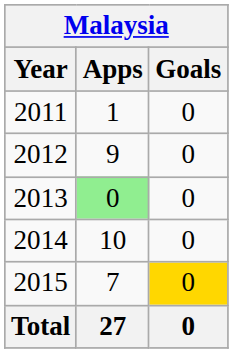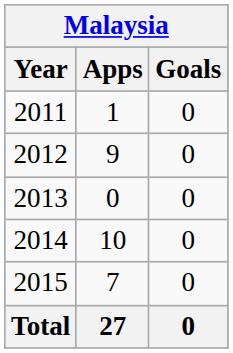 <table class="wikitable" style="text-align:center">
 <tr>
 <th colspan=3><a href='#'>Malaysia</a></th>
 </tr>
 <tr>
 <th>Year</th>
 <th>Apps</th>
 <th>Goals</th>
 </tr>
 <tr>
 <td>2011</td>
 <td>1</td>
 <td>0</td>
 </tr>
 <tr>
 <td>2012</td>
 <td>9</td>
 <td>0</td>
 </tr>
 <tr>
 <td>2013</td>
-<td style="background: lightgreen;">0</td>
+<td>0</td>
 <td>0</td>
 </tr>
 <tr>
 <td>2014</td>
 <td>10</td>
 <td>0</td>
 </tr>
 <tr>
 <td>2015</td>
 <td>7</td>
-<td style="background: gold;">0</td>
+<td>0</td>
 </tr>
 <tr>
 <th>Total</th>
 <th>27</th>
 <th>0</th>
 </tr>
 </table>
